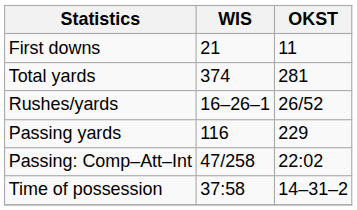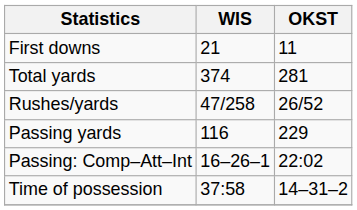 <table class="wikitable" style="float: left;">
 <tr>
 <th>Statistics</th>
 <th>WIS</th>
 <th>OKST</th>
 </tr>
 <tr>
 <td>First downs</td>
 <td>21</td>
 <td>11</td>
 </tr>
 <tr>
 <td>Total yards</td>
 <td>374</td>
 <td>281</td>
 </tr>
 <tr>
 <td>Rushes/yards</td>
-<td>16–26–1</td>
+<td>47/258</td>
 <td>26/52</td>
 </tr>
 <tr>
 <td>Passing yards</td>
 <td>116</td>
 <td>229</td>
 </tr>
 <tr>
 <td>Passing: Comp–Att–Int</td>
-<td>47/258</td>
+<td>16–26–1</td>
 <td>22:02</td>
 </tr>
 <tr>
 <td>Time of possession</td>
 <td>37:58</td>
 <td>14–31–2</td>
 </tr>
 <tr>
 </tr>
 </table>
